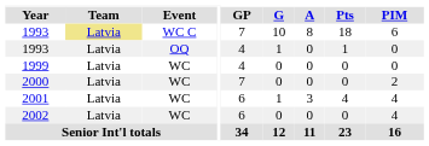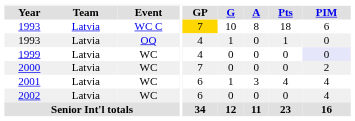 <table style="text-align:center; width:40%; border: 0; padding: 2px; border-spacing: 0;">
 <tr style="background: #e0e0e0;">
 <th colspan="3"  style="background: #fff;"></th>
 <th rowspan="99" style="background: #fff;"></th>
 </tr>
 <tr style="background: #e0e0e0;">
 <th>Year</th>
 <th>Team</th>
 <th>Event</th>
 <th>GP</th>
 <th><a href='#'>G</a></th>
 <th><a href='#'>A</a></th>
 <th><a href='#'>Pts</a></th>
 <th><a href='#'>PIM</a></th>
 </tr>
 <tr>
 <td><a href='#'>1993</a></td>
-<td style="background: khaki;"><a href='#'>Latvia</a></td>
+<td><a href='#'>Latvia</a></td>
 <td><a href='#'>WC C</a></td>
-<td>7</td>
+<td style="background: gold;">7</td>
 <td>10</td>
 <td>8</td>
 <td>18</td>
 <td>6</td>
 </tr>
 <tr bgcolor="#f0f0f0">
 <td>1993</td>
 <td>Latvia</td>
 <td><a href='#'>OQ</a></td>
 <td>4</td>
 <td>1</td>
 <td>0</td>
 <td>1</td>
 <td>0</td>
 </tr>
 <tr>
 <td><a href='#'>1999</a></td>
 <td>Latvia</td>
 <td>WC</td>
 <td>4</td>
 <td>0</td>
 <td>0</td>
 <td>0</td>
-<td>0</td>
+<td style="background: lavender;">0</td>
 </tr>
 <tr bgcolor="#f0f0f0">
 <td><a href='#'>2000</a></td>
 <td>Latvia</td>
 <td>WC</td>
 <td>7</td>
 <td>0</td>
 <td>0</td>
 <td>0</td>
 <td>2</td>
 </tr>
 <tr>
 <td><a href='#'>2001</a></td>
 <td>Latvia</td>
 <td>WC</td>
 <td>6</td>
 <td>1</td>
 <td>3</td>
 <td>4</td>
 <td>4</td>
 </tr>
 <tr bgcolor="#f0f0f0">
 <td><a href='#'>2002</a></td>
 <td>Latvia</td>
 <td>WC</td>
 <td>6</td>
 <td>0</td>
 <td>0</td>
 <td>0</td>
 <td>4</td>
 </tr>
 <tr bgcolor="#e0e0e0">
 <th colspan="3">Senior Int'l totals</th>
 <th>34</th>
 <th>12</th>
 <th>11</th>
 <th>23</th>
 <th>16</th>
 </tr>
 </table>
